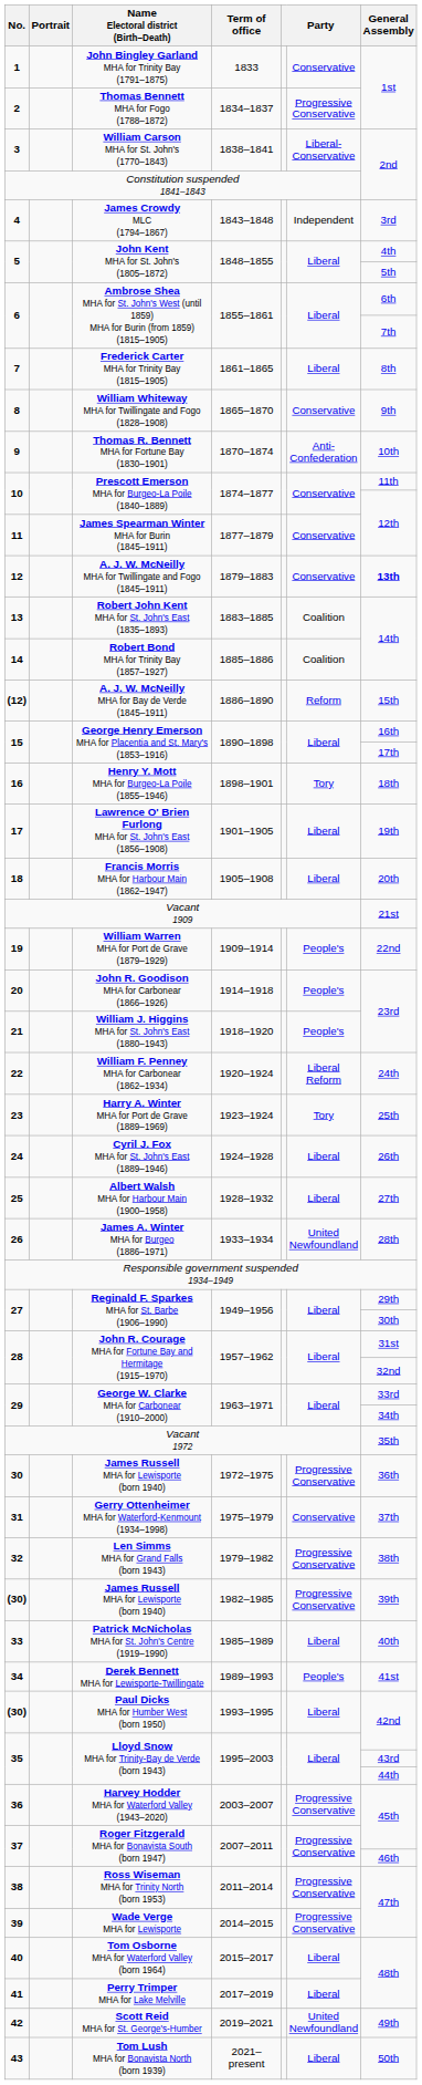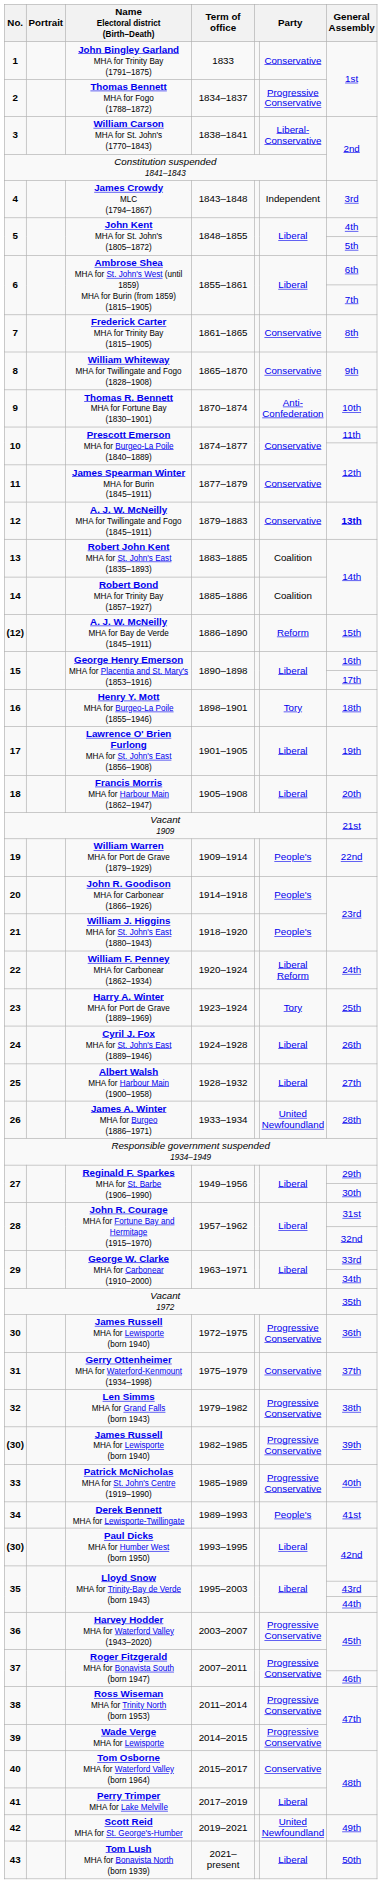 <table class="wikitable" style="text-align:center">
 <tr>
 <th>No.</th>
 <th>Portrait</th>
 <th width="200px">Name<br><small>Electoral district<br>(Birth–Death)</small></th>
 <th width="95px">Term of office</th>
 <th colspan="2">Party</th>
 <th>General Assembly</th>
 </tr>
 <tr>
 <td><strong>1</strong></td>
 <td></td>
 <td><strong><a href='#'>John Bingley Garland</a></strong><br><small>MHA for Trinity Bay</small><br><small>(1791–1875)</small></td>
 <td>1833</td>
 <td style="width:1px; background:"></td>
 <td width="100px"><a href='#'>Conservative</a></td>
 <td rowspan="2" width="50px"><a href='#'>1st</a></td>
 </tr>
 <tr>
 <td><strong>2</strong></td>
 <td></td>
 <td><strong><a href='#'>Thomas Bennett</a></strong><br><small>MHA for Fogo</small><br><small>(1788–1872)</small></td>
 <td>1834–1837</td>
 <td style="width:1px; background:"></td>
 <td><a href='#'>Progressive Conservative</a></td>
 </tr>
 <tr>
 <td><strong>3</strong></td>
 <td></td>
 <td><strong><a href='#'>William Carson</a></strong><br><small>MHA for St. John's</small><br><small>(1770–1843)</small></td>
 <td>1838–1841</td>
 <td style="width:1px; background:"></td>
 <td><a href='#'>Liberal-Conservative</a></td>
 <td rowspan="2"><a href='#'>2nd</a></td>
 </tr>
 <tr>
 <td colspan="6"><em>Constitution suspended<br><small>1841–1843</small></em></td>
 </tr>
 <tr>
 <td><strong>4</strong></td>
 <td></td>
 <td><strong><a href='#'>James Crowdy</a></strong><br><small>MLC</small><br><small>(1794–1867)</small></td>
 <td>1843–1848</td>
 <td style="width:1px; background:"></td>
 <td>Independent</td>
 <td><a href='#'>3rd</a></td>
 </tr>
 <tr>
 <td rowspan="2"><strong>5</strong></td>
 <td rowspan="2"></td>
 <td rowspan="2"><a href='#'><strong>John Kent</strong></a><br><small>MHA for St. John's</small><br><small>(1805–1872)</small></td>
 <td rowspan="2">1848–1855</td>
 <td rowspan="2" style="width:1px; background:"></td>
 <td rowspan="2"><a href='#'>Liberal</a></td>
 <td><a href='#'>4th</a></td>
 </tr>
 <tr>
 <td><a href='#'>5th</a></td>
 </tr>
 <tr>
 <td rowspan="2"><strong>6</strong></td>
 <td rowspan="2"></td>
 <td rowspan="2"><strong><a href='#'>Ambrose Shea</a></strong><br><small>MHA for <a href='#'>St. John's West</a> (until 1859)<br>MHA for Burin (from 1859)</small><br><small>(1815–1905)</small></td>
 <td rowspan="2">1855–1861</td>
 <td rowspan="2" style="width:1px; background:"></td>
 <td rowspan="2"><a href='#'>Liberal</a></td>
 <td><a href='#'>6th</a></td>
 </tr>
 <tr>
 <td><a href='#'>7th</a></td>
 </tr>
 <tr>
 <td><strong>7</strong></td>
 <td></td>
 <td><strong><a href='#'>Frederick Carter</a></strong><br><small>MHA for Trinity Bay</small><br><small>(1815–1905)</small></td>
 <td>1861–1865</td>
 <td style="width:1px; background:"></td>
-<td><a href='#'>Liberal</a></td>
+<td><a href='#'>Conservative</a></td>
 <td><a href='#'>8th</a></td>
 </tr>
 <tr>
 <td><strong>8</strong></td>
 <td></td>
 <td><strong><a href='#'>William Whiteway</a></strong><br><small>MHA for Twillingate and Fogo</small><br><small>(1828–1908)</small></td>
 <td>1865–1870</td>
 <td style="width:1px; background:"></td>
 <td><a href='#'>Conservative</a></td>
 <td><a href='#'>9th</a></td>
 </tr>
 <tr>
 <td><strong>9</strong></td>
 <td></td>
 <td><strong><a href='#'>Thomas R. Bennett</a></strong><br><small>MHA for Fortune Bay</small><br><small>(1830–1901)</small></td>
 <td>1870–1874</td>
 <td style="width:1px; background:"></td>
 <td><a href='#'>Anti-Confederation</a></td>
 <td><a href='#'>10th</a></td>
 </tr>
 <tr>
 <td rowspan="2"><strong>10</strong></td>
 <td rowspan="2"></td>
 <td rowspan="2"><strong><a href='#'>Prescott Emerson</a></strong><br><small>MHA for <a href='#'>Burgeo-La Poile</a></small><br><small>(1840–1889)</small></td>
 <td rowspan="2">1874–1877</td>
 <td rowspan="2" style="width:1px; background:"></td>
 <td rowspan="2"><a href='#'>Conservative</a></td>
 <td><a href='#'>11th</a></td>
 </tr>
 <tr>
 <td rowspan="2"><a href='#'>12th</a></td>
 </tr>
 <tr>
 <td><strong>11</strong></td>
 <td></td>
 <td><strong><a href='#'>James Spearman Winter</a></strong><br><small>MHA for Burin</small><br><small>(1845–1911)</small></td>
 <td>1877–1879</td>
 <td style="width:1px; background:"></td>
 <td><a href='#'>Conservative</a></td>
 </tr>
 <tr>
 <td><strong>12</strong></td>
 <td></td>
 <td><strong><a href='#'>A. J. W. McNeilly</a></strong><br><small>MHA for Twillingate and Fogo</small><br><small>(1845–1911)</small></td>
 <td>1879–1883</td>
 <td style="width:1px; background:"></td>
 <td><a href='#'>Conservative</a></td>
 <td><strong><a href='#'>13th</a></strong></td>
 </tr>
 <tr>
 <td><strong>13</strong></td>
 <td></td>
 <td><strong><a href='#'>Robert John Kent</a></strong><br><small>MHA for <a href='#'>St. John's East</a></small><br><small>(1835–1893)</small></td>
 <td>1883–1885</td>
 <td style="width:1px; background:"></td>
 <td>Coalition</td>
 <td rowspan="2"><a href='#'>14th</a></td>
 </tr>
 <tr>
 <td><strong>14</strong></td>
 <td></td>
 <td><strong><a href='#'>Robert Bond</a></strong><br><small>MHA for Trinity Bay</small><br><small>(1857–1927)</small></td>
 <td>1885–1886</td>
 <td style="width:1px; background:"></td>
 <td>Coalition</td>
 </tr>
 <tr>
 <td><strong>(12)</strong></td>
 <td></td>
 <td><strong><a href='#'>A. J. W. McNeilly</a></strong><br><small>MHA for Bay de Verde</small><br><small>(1845–1911)</small></td>
 <td>1886–1890</td>
 <td style="width:1px; background:"></td>
 <td><a href='#'>Reform</a></td>
 <td><a href='#'>15th</a></td>
 </tr>
 <tr>
 <td rowspan="2"><strong>15</strong></td>
 <td rowspan="2"></td>
 <td rowspan="2"><a href='#'><strong>George Henry Emerson</strong></a><br><small>MHA for <a href='#'>Placentia and St. Mary's</a></small><br><small>(1853–1916)</small></td>
 <td rowspan="2">1890–1898</td>
 <td rowspan="2" style="width:1px; background:"></td>
 <td rowspan="2"><a href='#'>Liberal</a></td>
 <td><a href='#'>16th</a></td>
 </tr>
 <tr>
 <td><a href='#'>17th</a></td>
 </tr>
 <tr>
 <td><strong>16</strong></td>
 <td></td>
 <td><strong><a href='#'>Henry Y. Mott</a></strong><br><small>MHA for <a href='#'>Burgeo-La Poile</a></small><br><small>(1855–1946)</small></td>
 <td>1898–1901</td>
 <td style="width:1px; background:"></td>
 <td><a href='#'>Tory</a></td>
 <td><a href='#'>18th</a></td>
 </tr>
 <tr>
 <td><strong>17</strong></td>
 <td></td>
 <td><strong><a href='#'>Lawrence O' Brien Furlong</a></strong><br><small>MHA for <a href='#'>St. John's East</a></small><br><small>(1856–1908)</small></td>
 <td>1901–1905</td>
 <td style="width:1px; background:"></td>
 <td><a href='#'>Liberal</a></td>
 <td><a href='#'>19th</a></td>
 </tr>
 <tr>
 <td><strong>18</strong></td>
 <td></td>
 <td><strong><a href='#'>Francis Morris</a></strong><br><small>MHA for <a href='#'>Harbour Main</a></small><br><small>(1862–1947)</small></td>
 <td>1905–1908</td>
 <td style="width:1px; background:"></td>
 <td><a href='#'>Liberal</a></td>
 <td><a href='#'>20th</a></td>
 </tr>
 <tr>
 <td colspan="6"><em>Vacant<br><small>1909</small></em></td>
 <td><a href='#'>21st</a></td>
 </tr>
 <tr>
 <td><strong>19</strong></td>
 <td></td>
 <td><a href='#'><strong>William Warren</strong></a><br><small>MHA for Port de Grave</small><br><small>(1879–1929)</small></td>
 <td>1909–1914</td>
 <td style="width:1px; background:"></td>
 <td><a href='#'>People's</a></td>
 <td><a href='#'>22nd</a></td>
 </tr>
 <tr>
 <td><strong>20</strong></td>
 <td></td>
 <td><strong><a href='#'>John R. Goodison</a></strong><br><small>MHA for Carbonear</small><br><small>(1866–1926)</small></td>
 <td>1914–1918</td>
 <td style="width:1px; background:"></td>
 <td><a href='#'>People's</a></td>
 <td rowspan="2"><a href='#'>23rd</a></td>
 </tr>
 <tr>
 <td><strong>21</strong></td>
 <td></td>
 <td><strong><a href='#'>William J. Higgins</a></strong><br><small>MHA for <a href='#'>St. John's East</a></small><br><small>(1880–1943)</small></td>
 <td>1918–1920</td>
 <td style="width:1px; background:"></td>
 <td><a href='#'>People's</a></td>
 </tr>
 <tr>
 <td><strong>22</strong></td>
 <td></td>
 <td><strong><a href='#'>William F. Penney</a></strong><br><small>MHA for Carbonear</small><br><small>(1862–1934)</small></td>
 <td>1920–1924</td>
 <td style="width:1px; background:"></td>
 <td><a href='#'>Liberal Reform</a></td>
 <td><a href='#'>24th</a></td>
 </tr>
 <tr>
 <td><strong>23</strong></td>
 <td></td>
 <td><strong><a href='#'>Harry A. Winter</a></strong><br><small>MHA for Port de Grave</small><br><small>(1889–1969)</small></td>
 <td>1923–1924</td>
 <td style="width:1px; background:"></td>
 <td><a href='#'>Tory</a></td>
 <td><a href='#'>25th</a></td>
 </tr>
 <tr>
 <td><strong>24</strong></td>
 <td></td>
 <td><strong><a href='#'>Cyril J. Fox</a></strong><br><small>MHA for <a href='#'>St. John's East</a></small><br><small>(1889–1946)</small></td>
 <td>1924–1928</td>
 <td style="width:1px; background:"></td>
 <td><a href='#'>Liberal</a></td>
 <td><a href='#'>26th</a></td>
 </tr>
 <tr>
 <td><strong>25</strong></td>
 <td></td>
 <td><strong><a href='#'>Albert Walsh</a></strong><br><small>MHA for <a href='#'>Harbour Main</a></small><br><small>(1900–1958)</small></td>
 <td>1928–1932</td>
 <td style="width:1px; background:"></td>
 <td><a href='#'>Liberal</a></td>
 <td><a href='#'>27th</a></td>
 </tr>
 <tr>
 <td><strong>26</strong></td>
 <td></td>
 <td><strong><a href='#'>James A. Winter</a></strong><br><small>MHA for <a href='#'>Burgeo</a></small><br><small>(1886–1971)</small></td>
 <td>1933–1934</td>
 <td style="width:1px; background:"></td>
 <td><a href='#'>United Newfoundland</a></td>
 <td><a href='#'>28th</a></td>
 </tr>
 <tr>
 <td colspan="7"><em>Responsible government suspended<br><small>1934–1949</small></em></td>
 </tr>
 <tr>
 <td rowspan="2"><strong>27</strong></td>
 <td rowspan="2"></td>
 <td rowspan="2"><strong><a href='#'>Reginald F. Sparkes</a></strong><br><small>MHA for <a href='#'>St. Barbe</a></small><br><small>(1906–1990)</small></td>
 <td rowspan="2">1949–1956</td>
 <td rowspan="2" style="width:1px; background:"></td>
 <td rowspan="2"><a href='#'>Liberal</a></td>
 <td><a href='#'>29th</a></td>
 </tr>
 <tr>
 <td><a href='#'>30th</a></td>
 </tr>
 <tr>
 <td rowspan="2"><strong>28</strong></td>
 <td rowspan="2"></td>
 <td rowspan="2"><strong><a href='#'>John R. Courage</a></strong><br><small>MHA for <a href='#'>Fortune Bay and Hermitage</a></small><br><small>(1915–1970)</small></td>
 <td rowspan="2">1957–1962</td>
 <td rowspan="2" style="width:1px; background:"></td>
 <td rowspan="2"><a href='#'>Liberal</a></td>
 <td><a href='#'>31st</a></td>
 </tr>
 <tr>
 <td><a href='#'>32nd</a></td>
 </tr>
 <tr>
 <td rowspan="2"><strong>29</strong></td>
 <td rowspan="2"></td>
 <td rowspan="2"><a href='#'><strong>George W. Clarke</strong></a><br><small>MHA for <a href='#'>Carbonear</a></small><br><small>(1910–2000)</small></td>
 <td rowspan="2">1963–1971</td>
 <td rowspan="2" style="width:1px; background:"></td>
 <td rowspan="2"><a href='#'>Liberal</a></td>
 <td><a href='#'>33rd</a></td>
 </tr>
 <tr>
 <td><a href='#'>34th</a></td>
 </tr>
 <tr>
 <td colspan="6"><em>Vacant<br><small>1972</small></em></td>
 <td><a href='#'>35th</a></td>
 </tr>
 <tr>
 <td><strong>30</strong></td>
 <td></td>
 <td><a href='#'><strong>James Russell</strong></a><br><small>MHA for <a href='#'>Lewisporte</a></small><br><small>(born 1940)</small></td>
 <td>1972–1975</td>
 <td style="width:1px; background:"></td>
 <td><a href='#'>Progressive Conservative</a></td>
 <td><a href='#'>36th</a></td>
 </tr>
 <tr>
 <td><strong>31</strong></td>
 <td></td>
 <td><strong><a href='#'>Gerry Ottenheimer</a></strong><br><small>MHA for <a href='#'>Waterford-Kenmount</a></small><br><small>(1934–1998)</small></td>
 <td>1975–1979</td>
 <td style="width:1px; background:"></td>
 <td><a href='#'>Conservative</a></td>
 <td><a href='#'>37th</a></td>
 </tr>
 <tr>
 <td><strong>32</strong></td>
 <td></td>
 <td><strong><a href='#'>Len Simms</a></strong><br><small>MHA for <a href='#'>Grand Falls</a></small><br><small>(born 1943)</small></td>
 <td>1979–1982</td>
 <td style="width:1px; background:"></td>
 <td><a href='#'>Progressive Conservative</a></td>
 <td><a href='#'>38th</a></td>
 </tr>
 <tr>
 <td><strong>(30)</strong></td>
 <td></td>
 <td><a href='#'><strong>James Russell</strong></a><br><small>MHA for <a href='#'>Lewisporte</a></small><br><small>(born 1940)</small></td>
 <td>1982–1985</td>
 <td style="width:1px; background:"></td>
 <td><a href='#'>Progressive Conservative</a></td>
 <td><a href='#'>39th</a></td>
 </tr>
 <tr>
 <td><strong>33</strong></td>
 <td></td>
 <td><strong><a href='#'>Patrick McNicholas</a></strong><br><small>MHA for <a href='#'>St. John's Centre</a></small><br><small>(1919–1990)</small></td>
 <td>1985–1989</td>
 <td style="width:1px; background:"></td>
-<td><a href='#'>Liberal</a></td>
+<td><a href='#'>Progressive Conservative</a></td>
 <td><a href='#'>40th</a></td>
 </tr>
 <tr>
 <td><strong>34</strong></td>
 <td></td>
 <td><strong><a href='#'>Derek Bennett</a></strong><br><small>MHA for <a href='#'>Lewisporte-Twillingate</a></small></td>
 <td>1989–1993</td>
 <td style="width:1px; background:"></td>
 <td><a href='#'>People's</a></td>
 <td><a href='#'>41st</a></td>
 </tr>
 <tr>
 <td><strong>(30)</strong></td>
 <td></td>
 <td><strong><a href='#'>Paul Dicks</a></strong><br><small>MHA for <a href='#'>Humber West</a></small><br><small>(born 1950)</small></td>
 <td>1993–1995</td>
 <td style="width:1px; background:"></td>
 <td><a href='#'>Liberal</a></td>
 <td rowspan="2"><a href='#'>42nd</a></td>
 </tr>
 <tr style="height:25px">
 <td rowspan="3"><strong>35</strong></td>
 <td rowspan="3"></td>
 <td rowspan="3"><strong><a href='#'>Lloyd Snow</a></strong><br><small>MHA for <a href='#'>Trinity-Bay de Verde</a></small><br><small>(born 1943)</small></td>
 <td rowspan="3">1995–2003</td>
 <td rowspan="3" style="width:1px; background:"></td>
 <td rowspan="3"><a href='#'>Liberal</a></td>
 </tr>
 <tr>
 <td><a href='#'>43rd</a></td>
 </tr>
 <tr>
 <td><a href='#'>44th</a></td>
 </tr>
 <tr>
 <td><strong>36</strong></td>
 <td></td>
 <td><strong><a href='#'>Harvey Hodder</a></strong><br><small>MHA for <a href='#'>Waterford Valley</a></small><br><small>(1943–2020)</small></td>
 <td>2003–2007</td>
 <td style="width:1px; background:"></td>
 <td><a href='#'>Progressive Conservative</a></td>
 <td rowspan="2"><a href='#'>45th</a></td>
 </tr>
 <tr style="height:35px">
 <td rowspan="2"><strong>37</strong></td>
 <td rowspan="2"></td>
 <td rowspan="2"><strong><a href='#'>Roger Fitzgerald</a></strong><br><small>MHA for <a href='#'>Bonavista South</a></small><br><small>(born 1947)</small></td>
 <td rowspan="2">2007–2011</td>
 <td rowspan="2" style="width:1px; background:"></td>
 <td rowspan="2"><a href='#'>Progressive Conservative</a></td>
 </tr>
 <tr>
 <td><a href='#'>46th</a></td>
 </tr>
 <tr>
 <td><strong>38</strong></td>
 <td></td>
 <td><strong><a href='#'>Ross Wiseman</a></strong><br><small>MHA for <a href='#'>Trinity North</a></small><br><small>(born 1953)</small></td>
 <td>2011–2014</td>
 <td style="width:1px; background:"></td>
 <td><a href='#'>Progressive Conservative</a></td>
 <td rowspan="2"><a href='#'>47th</a></td>
 </tr>
 <tr>
 <td><strong>39</strong></td>
 <td></td>
 <td><strong><a href='#'>Wade Verge</a></strong><br><small>MHA for <a href='#'>Lewisporte</a></small></td>
 <td>2014–2015</td>
 <td style="width:1px; background:"></td>
 <td><a href='#'>Progressive Conservative</a></td>
 </tr>
 <tr>
 <td><strong>40</strong></td>
 <td></td>
 <td><a href='#'><strong>Tom Osborne</strong></a><br><small>MHA for <a href='#'>Waterford Valley</a></small><br><small>(born 1964)</small></td>
 <td>2015–2017</td>
 <td style="width:1px; background:"></td>
-<td><a href='#'>Liberal</a></td>
+<td><a href='#'>Conservative</a></td>
 <td rowspan="2"><a href='#'>48th</a></td>
 </tr>
 <tr>
 <td><strong>41</strong></td>
 <td></td>
 <td><strong><a href='#'>Perry Trimper</a></strong><br><small>MHA for <a href='#'>Lake Melville</a></small></td>
 <td>2017–2019</td>
 <td style="width:1px; background:"></td>
 <td><a href='#'>Liberal</a></td>
 </tr>
 <tr>
 <td><strong>42</strong></td>
 <td></td>
 <td><a href='#'><strong>Scott Reid</strong></a><br><small>MHA for <a href='#'>St. George's-Humber</a></small></td>
 <td>2019–2021</td>
 <td style="width:1px; background:"></td>
 <td><a href='#'>United Newfoundland</a></td>
 <td><a href='#'>49th</a></td>
 </tr>
 <tr>
 <td><strong>43</strong></td>
 <td></td>
 <td><strong><a href='#'>Tom Lush</a></strong><br><small>MHA for <a href='#'>Bonavista North</a></small><br><small>(born 1939)</small></td>
 <td>2021–present</td>
 <td style="width:1px; background:"></td>
 <td><a href='#'>Liberal</a></td>
 <td><a href='#'>50th</a></td>
 </tr>
 </table>
